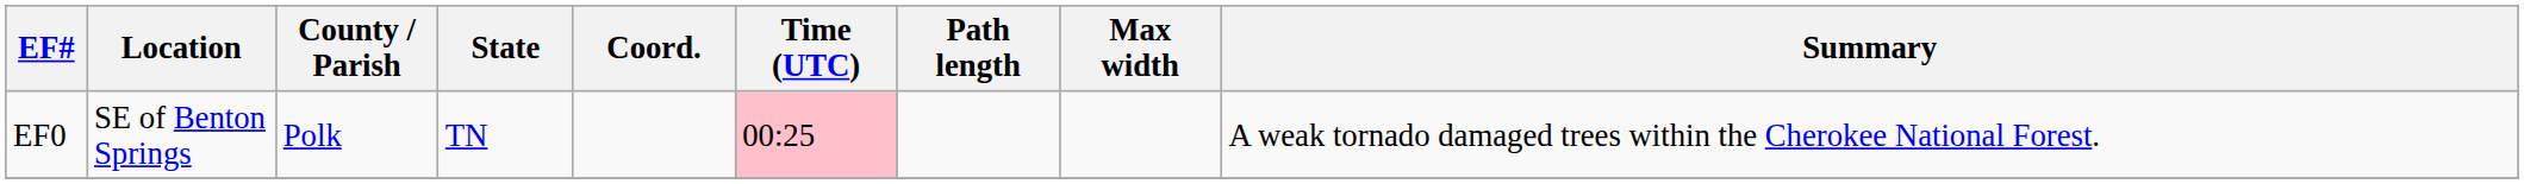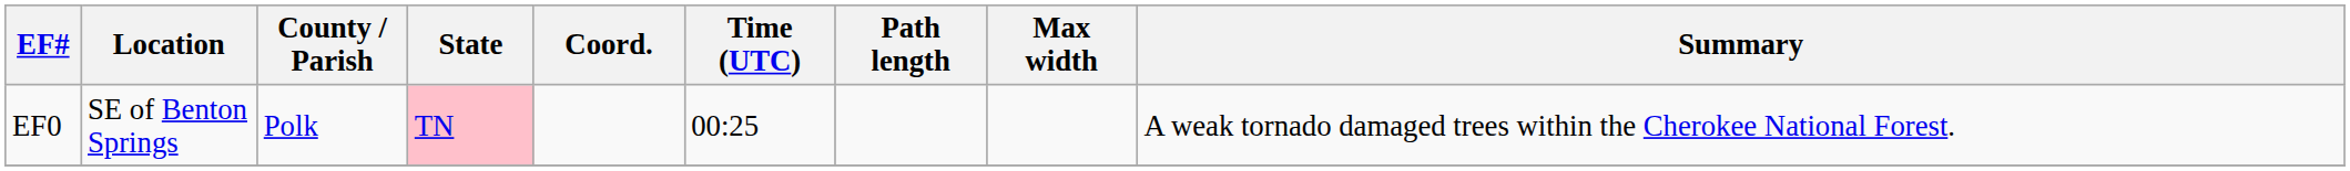 <table class="wikitable sortable" style="width:100%;">
 <tr>
 <th scope="col" width="3%" align="center"><a href='#'>EF#</a></th>
 <th scope="col" width="7%" align="center" class="unsortable">Location</th>
 <th scope="col" width="6%" align="center" class="unsortable">County / Parish</th>
 <th scope="col" width="5%" align="center">State</th>
 <th scope="col" width="6%" align="center">Coord.</th>
 <th scope="col" width="6%" align="center">Time (<a href='#'>UTC</a>)</th>
 <th scope="col" width="6%" align="center">Path length</th>
 <th scope="col" width="6%" align="center">Max width</th>
 <th scope="col" width="48%" class="unsortable" align="center">Summary</th>
 </tr>
 <tr>
 <td>EF0</td>
 <td>SE of <a href='#'>Benton Springs</a></td>
 <td><a href='#'>Polk</a></td>
-<td><a href='#'>TN</a></td>
+<td style="background: pink;"><a href='#'>TN</a></td>
 <td></td>
-<td style="background: pink;">00:25</td>
+<td>00:25</td>
 <td></td>
 <td></td>
 <td>A weak tornado damaged trees within the <a href='#'>Cherokee National Forest</a>.</td>
 </tr>
 <tr>
 </tr>
 </table>
